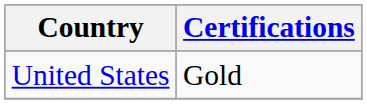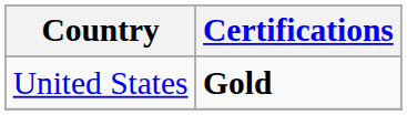 <table class="wikitable">
 <tr>
 <th>Country</th>
 <th><a href='#'>Certifications</a></th>
 </tr>
 <tr>
 <td><a href='#'>United States</a></td>
-<td>Gold</td>
+<td><strong>Gold</strong></td>
 </tr>
 <tr>
 </tr>
 </table>
